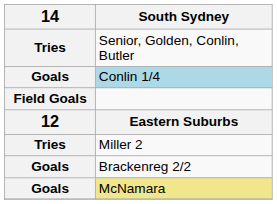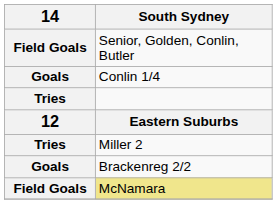 <table align="center" class="wikitable" style="text-align:left;" cellpadding=3 cellspacing=2>
 <tr>
 <th width=100><strong><big>14</big></strong></th>
 <th width=200>South Sydney</th>
 </tr>
 <tr>
-<th>Tries</th>
+<th>Field Goals</th>
 <td>Senior, Golden, Conlin, Butler</td>
 </tr>
 <tr>
 <th>Goals</th>
-<td style="background: lightblue;">Conlin 1/4</td>
+<td>Conlin 1/4</td>
 </tr>
 <tr>
-<th>Field Goals</th>
+<th>Tries</th>
 <td></td>
 </tr>
 <tr>
 <th><strong><big>12</big></strong></th>
 <th>Eastern Suburbs</th>
 </tr>
 <tr>
 <th>Tries</th>
 <td>Miller 2</td>
 </tr>
 <tr>
 <th>Goals</th>
 <td>Brackenreg 2/2</td>
 </tr>
 <tr>
-<th>Goals</th>
+<th>Field Goals</th>
 <td style="background: khaki;">McNamara</td>
 </tr>
 <tr>
 </tr>
 </table>
